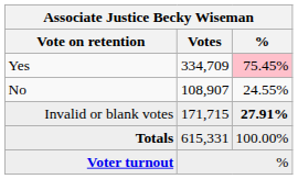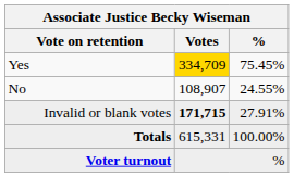 <table class="wikitable" style="font-size: 95%;">
 <tr style="background-color:#E9E9E9">
 <th colspan=7>Associate Justice Becky Wiseman</th>
 </tr>
 <tr style="background-color:#E9E9E9">
 <th style="width: 170px">Vote on retention</th>
 <th style="width: 50px">Votes</th>
 <th style="width: 40px">%</th>
 </tr>
 <tr>
 <td>Yes</td>
-<td align="right">334,709</td>
-<td align="right" style="background: pink;">75.45%</td>
+<td align="right" style="background: gold;">334,709</td>
+<td align="right">75.45%</td>
 </tr>
 <tr>
 <td>No</td>
 <td align="right">108,907</td>
 <td align="right">24.55%</td>
 </tr>
 <tr style="background-color:#EEEEEE">
 <td align="right">Invalid or blank votes</td>
-<td align="right">171,715</td>
-<td align="right"><strong>27.91%</strong></td>
+<td align="right"><strong>171,715</strong></td>
+<td align="right">27.91%</td>
 </tr>
 <tr style="background-color:#EEEEEE">
 <td colspan="1" align="right"><strong>Totals</strong></td>
 <td align="right">615,331</td>
 <td align="right">100.00%</td>
 </tr>
 <tr style="background-color:#EEEEEE">
 <td align="right"><strong><a href='#'>Voter turnout</a></strong></td>
 <td colspan="2" align="right">%</td>
 </tr>
 </table>
